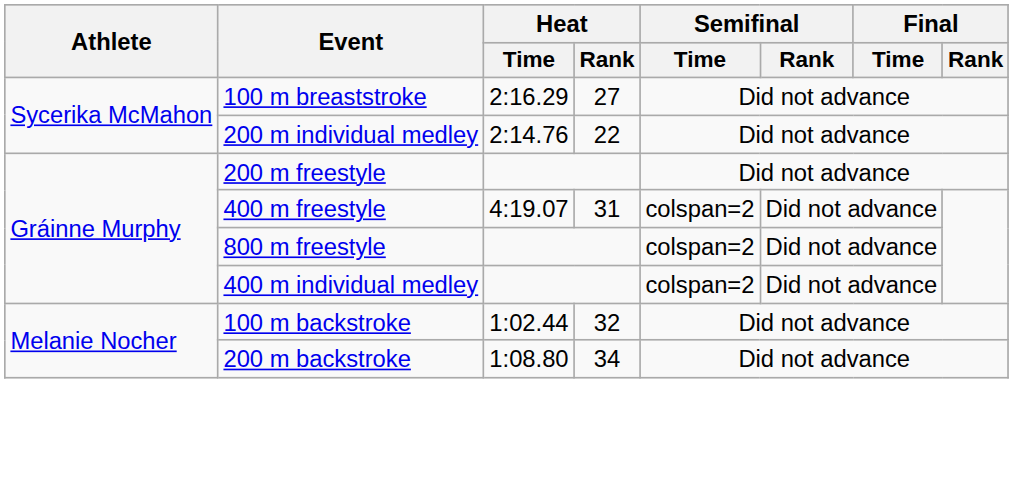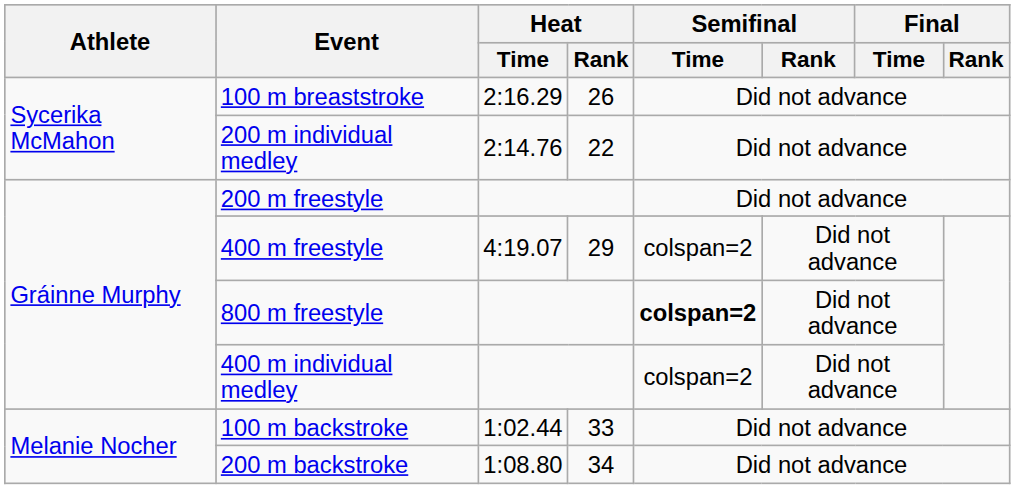 <table class=wikitable style="font-size:90%">
 <tr>
 <th rowspan="2">Athlete</th>
 <th rowspan="2">Event</th>
 <th colspan="2">Heat</th>
 <th colspan="2">Semifinal</th>
 <th colspan="2">Final</th>
 </tr>
 <tr style="font-size:95%">
 <th>Time</th>
 <th>Rank</th>
 <th>Time</th>
 <th>Rank</th>
 <th>Time</th>
 <th>Rank</th>
 </tr>
 <tr align=center>
 <td align=left rowspan=2><a href='#'>Sycerika McMahon</a></td>
 <td align=left><a href='#'>100 m breaststroke</a></td>
 <td>2:16.29</td>
-<td>27</td>
+<td>26</td>
 <td colspan=4>Did not advance</td>
 </tr>
 <tr align=center>
 <td align=left><a href='#'>200 m individual medley</a></td>
 <td>2:14.76</td>
 <td>22</td>
 <td colspan=4>Did not advance</td>
 </tr>
 <tr align=center>
 <td align=left rowspan=4><a href='#'>Gráinne Murphy</a></td>
 <td align=left><a href='#'>200 m freestyle</a></td>
 <td colspan=2></td>
 <td colspan=4>Did not advance</td>
 </tr>
 <tr align=center>
 <td align=left><a href='#'>400 m freestyle</a></td>
 <td>4:19.07</td>
-<td>31</td>
+<td>29</td>
 <td>colspan=2 </td>
 <td colspan=2>Did not advance</td>
 </tr>
 <tr align=center>
 <td align=left><a href='#'>800 m freestyle</a></td>
 <td colspan=2></td>
-<td>colspan=2 </td>
+<td><strong>colspan=2 </strong></td>
 <td colspan=2>Did not advance</td>
 </tr>
 <tr align=center>
 <td align=left><a href='#'>400 m individual medley</a></td>
 <td colspan=2></td>
 <td>colspan=2 </td>
 <td colspan=2>Did not advance</td>
 </tr>
 <tr align=center>
 <td align=left rowspan=2><a href='#'>Melanie Nocher</a></td>
 <td align=left><a href='#'>100 m backstroke</a></td>
 <td>1:02.44</td>
-<td>32</td>
+<td>33</td>
 <td colspan=4>Did not advance</td>
 </tr>
 <tr align=center>
 <td align=left><a href='#'>200 m backstroke</a></td>
 <td>1:08.80</td>
 <td>34</td>
 <td colspan=4>Did not advance</td>
 </tr>
 </table>
